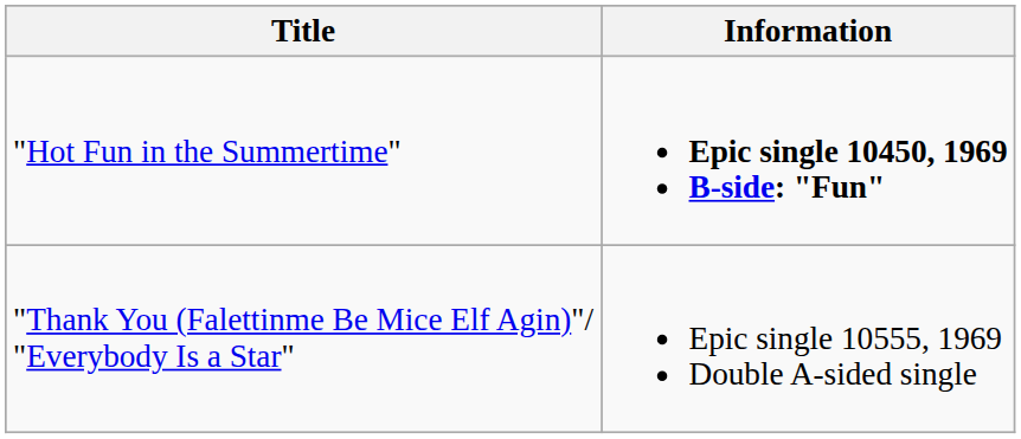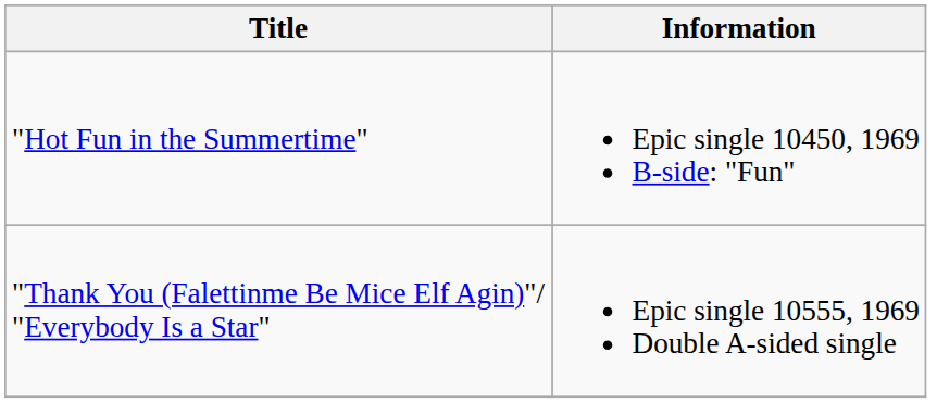 <table class="wikitable" border="1">
 <tr>
 <th>Title</th>
 <th>Information</th>
 </tr>
 <tr>
 <td>"<a href='#'>Hot Fun in the Summertime</a>"</td>
-<td><strong><br><ul><li>Epic single 10450, 1969</li><li><a href='#'>B-side</a>: "Fun"</li></ul></strong></td>
+<td><br><ul><li>Epic single 10450, 1969</li><li><a href='#'>B-side</a>: "Fun"</li></ul></td>
 </tr>
 <tr>
 <td>"<a href='#'>Thank You (Falettinme Be Mice Elf Agin)</a>"/<br>"<a href='#'>Everybody Is a Star</a>"</td>
 <td><br><ul><li>Epic single 10555, 1969</li><li>Double A-sided single</li></ul></td>
 </tr>
 </table>
